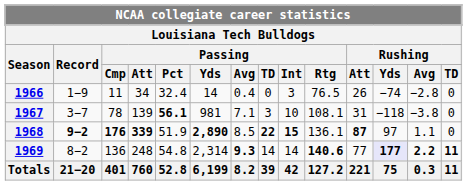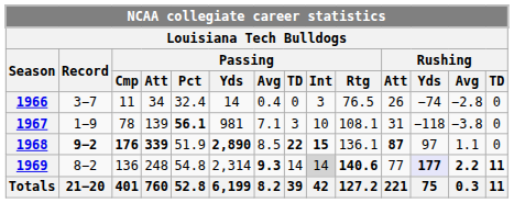 <table class=wikitable style="text-align:center;">
 <tr>
 <th colspan="14" style="background:gray; border:2px solid silver; color:white;">NCAA collegiate career statistics</th>
 </tr>
 <tr>
 <th colspan="14">Louisiana Tech Bulldogs</th>
 </tr>
 <tr>
 <th rowspan="2">Season</th>
 <th rowspan="2">Record</th>
 <th colspan="8">Passing</th>
 <th colspan="4">Rushing</th>
 </tr>
 <tr>
 <th>Cmp</th>
 <th>Att</th>
 <th>Pct</th>
 <th>Yds</th>
 <th>Avg</th>
 <th>TD</th>
 <th>Int</th>
 <th>Rtg</th>
 <th>Att</th>
 <th>Yds</th>
 <th>Avg</th>
 <th>TD</th>
 </tr>
 <tr>
 <th><a href='#'>1966</a></th>
-<td>1−9</td>
+<td>3−7</td>
 <td>11</td>
 <td>34</td>
 <td>32.4</td>
 <td>14</td>
 <td>0.4</td>
 <td>0</td>
 <td>3</td>
 <td>76.5</td>
 <td>26</td>
 <td>−74</td>
 <td>−2.8</td>
 <td>0</td>
 </tr>
 <tr>
 <th><a href='#'>1967</a></th>
-<td>3−7</td>
+<td>1−9</td>
 <td>78</td>
 <td>139</td>
 <td><strong>56.1</strong></td>
 <td>981</td>
 <td>7.1</td>
 <td>3</td>
 <td>10</td>
 <td>108.1</td>
 <td>31</td>
 <td>−118</td>
 <td>−3.8</td>
 <td>0</td>
 </tr>
 <tr>
 <th><a href='#'>1968</a></th>
 <td><strong>9−2</strong></td>
 <td><strong>176</strong></td>
 <td><strong>339</strong></td>
 <td>51.9</td>
 <td><strong>2,890</strong></td>
 <td>8.5</td>
 <td><strong>22</strong></td>
 <td><strong>15</strong></td>
 <td>136.1</td>
 <td><strong>87</strong></td>
 <td>97</td>
 <td>1.1</td>
 <td>0</td>
 </tr>
 <tr>
 <th><a href='#'>1969</a></th>
 <td>8−2</td>
 <td>136</td>
 <td>248</td>
 <td>54.8</td>
 <td>2,314</td>
 <td><strong>9.3</strong></td>
 <td>14</td>
-<td>14</td>
+<td style="background: lightgrey;">14</td>
 <td><strong>140.6</strong></td>
 <td>77</td>
 <td style="background: lavender;"><strong>177</strong></td>
 <td><strong>2.2</strong></td>
 <td><strong>11</strong></td>
 </tr>
 <tr>
 <th>Totals</th>
 <th>21−20</th>
 <th>401</th>
 <th>760</th>
 <th>52.8</th>
 <th>6,199</th>
 <th>8.2</th>
 <th>39</th>
 <th>42</th>
 <th>127.2</th>
 <th>221</th>
 <th>75</th>
 <th>0.3</th>
 <th>11</th>
 </tr>
 </table>
